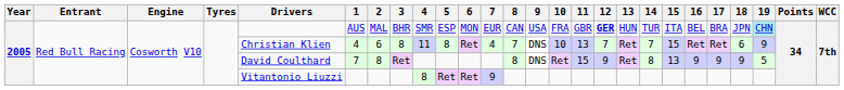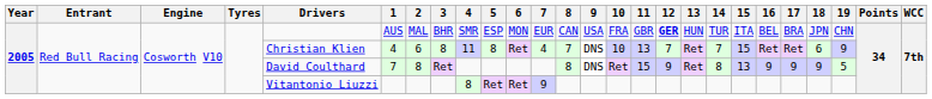 <table class="wikitable" style="text-align:center; font-size:95%">
 <tr>
 <th>Year</th>
 <th>Entrant</th>
 <th>Engine</th>
 <th>Tyres</th>
 <th>Drivers</th>
 <th>1</th>
 <th>2</th>
 <th>3</th>
 <th>4</th>
 <th>5</th>
 <th>6</th>
 <th>7</th>
 <th>8</th>
 <th>9</th>
 <th>10</th>
 <th>11</th>
 <th>12</th>
 <th>13</th>
 <th>14</th>
 <th>15</th>
 <th>16</th>
 <th>17</th>
 <th>18</th>
 <th>19</th>
 <th>Points</th>
 <th>WCC</th>
 </tr>
 <tr>
 <th rowspan="4"><a href='#'>2005</a></th>
 <td rowspan="4"><a href='#'>Red Bull Racing</a></td>
 <td rowspan="4"><a href='#'>Cosworth</a> <a href='#'>V10</a></td>
 <td rowspan="4"></td>
 <td></td>
 <td><a href='#'>AUS</a></td>
 <td><a href='#'>MAL</a></td>
 <td><a href='#'>BHR</a></td>
 <td><a href='#'>SMR</a></td>
 <td><a href='#'>ESP</a></td>
 <td><a href='#'>MON</a></td>
 <td><a href='#'>EUR</a></td>
 <td><a href='#'>CAN</a></td>
 <td><a href='#'>USA</a></td>
 <td><a href='#'>FRA</a></td>
 <td><a href='#'>GBR</a></td>
 <td><strong><a href='#'>GER</a></strong></td>
 <td><a href='#'>HUN</a></td>
 <td><a href='#'>TUR</a></td>
 <td><a href='#'>ITA</a></td>
 <td><a href='#'>BEL</a></td>
 <td><a href='#'>BRA</a></td>
 <td><a href='#'>JPN</a></td>
-<td style="background: paleturquoise;"><a href='#'>CHN</a></td>
+<td><a href='#'>CHN</a></td>
 <th rowspan="4">34</th>
 <th rowspan="4">7th</th>
 </tr>
 <tr>
 <td align="left"> <a href='#'>Christian Klien</a></td>
 <td style="background:#DFFFDF;">4</td>
 <td style="background:#DFFFDF;">6</td>
 <td style="background:#DFFFDF;">8</td>
 <td style="background:#CFCFFF;">11</td>
 <td style="background:#DFFFDF;">8</td>
 <td style="background:#EFCFFF;">Ret</td>
 <td style="background:#DFFFDF;">4</td>
 <td style="background:#DFFFDF;">7</td>
 <td style="background:#FFFFFF;">DNS</td>
 <td style="background:#CFCFFF;">10</td>
 <td style="background:#CFCFFF;">13</td>
 <td style="background:#DFFFDF;">7</td>
 <td style="background:#EFCFFF;">Ret</td>
 <td style="background:#DFFFDF;">7</td>
 <td style="background:#CFCFFF;">15</td>
 <td style="background:#EFCFFF;">Ret</td>
 <td style="background:#EFCFFF;">Ret</td>
 <td style="background:#DFFFDF;">6</td>
 <td style="background:#CFCFFF;">9</td>
 </tr>
 <tr>
 <td align="left"> <a href='#'>David Coulthard</a></td>
 <td style="background:#DFFFDF;">7</td>
 <td style="background:#DFFFDF;">8</td>
 <td style="background:#EFCFFF;">Ret</td>
 <td></td>
 <td></td>
 <td></td>
 <td></td>
 <td style="background:#DFFFDF;">8</td>
 <td style="background:#FFFFFF;">DNS</td>
 <td style="background:#EFCFFF;">Ret</td>
 <td style="background:#CFCFFF;">15</td>
 <td style="background:#CFCFFF;">9</td>
 <td style="background:#EFCFFF;">Ret</td>
 <td style="background:#DFFFDF;">8</td>
 <td style="background:#CFCFFF;">13</td>
 <td style="background:#CFCFFF;">9</td>
 <td style="background:#CFCFFF;">9</td>
 <td style="background:#CFCFFF;">9</td>
 <td style="background:#DFFFDF;">5</td>
 </tr>
 <tr>
 <td align="left"> <a href='#'>Vitantonio Liuzzi</a></td>
 <td></td>
 <td></td>
 <td></td>
 <td style="background:#DFFFDF;">8</td>
 <td style="background:#EFCFFF;">Ret</td>
 <td style="background:#EFCFFF;">Ret</td>
 <td style="background:#CFCFFF;">9</td>
 <td></td>
 <td></td>
 <td></td>
 <td></td>
 <td></td>
 <td></td>
 <td></td>
 <td></td>
 <td></td>
 <td></td>
 <td></td>
 <td></td>
 </tr>
 </table>
